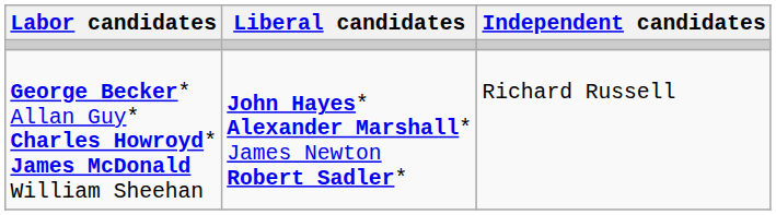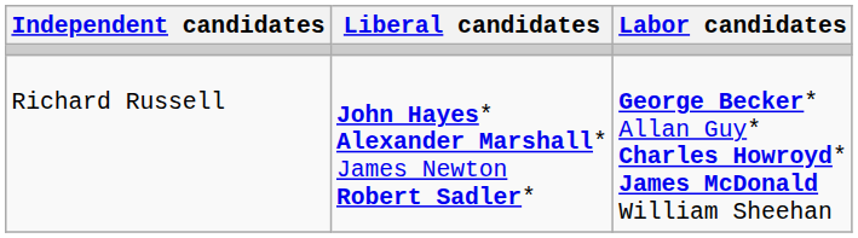 <table class="wikitable">
 <tr>
+<th><a href='#'>Independent</a> candidates</th>
+<th><a href='#'>Liberal</a> candidates</th>
 <th><a href='#'>Labor</a> candidates</th>
-<th><a href='#'>Liberal</a> candidates</th>
-<th><a href='#'>Independent</a> candidates</th>
 </tr>
 <tr bgcolor="#cccccc">
 <td></td>
 <td></td>
 <td></td>
 </tr>
 <tr>
+<td valign=top><br>Richard Russell</td>
+<td><br><strong><a href='#'>John Hayes</a></strong>*<br> <strong><a href='#'>Alexander Marshall</a></strong>*<br> <a href='#'>James Newton</a><br> <strong><a href='#'>Robert Sadler</a></strong>*</td>
 <td><br><strong><a href='#'>George Becker</a></strong>*<br> <a href='#'>Allan Guy</a>*<br> <strong><a href='#'>Charles Howroyd</a></strong>*<br> <strong><a href='#'>James McDonald</a></strong><br> William Sheehan</td>
-<td><br><strong><a href='#'>John Hayes</a></strong>*<br> <strong><a href='#'>Alexander Marshall</a></strong>*<br> <a href='#'>James Newton</a><br> <strong><a href='#'>Robert Sadler</a></strong>*</td>
-<td valign=top><br>Richard Russell</td>
 </tr>
 </table>
